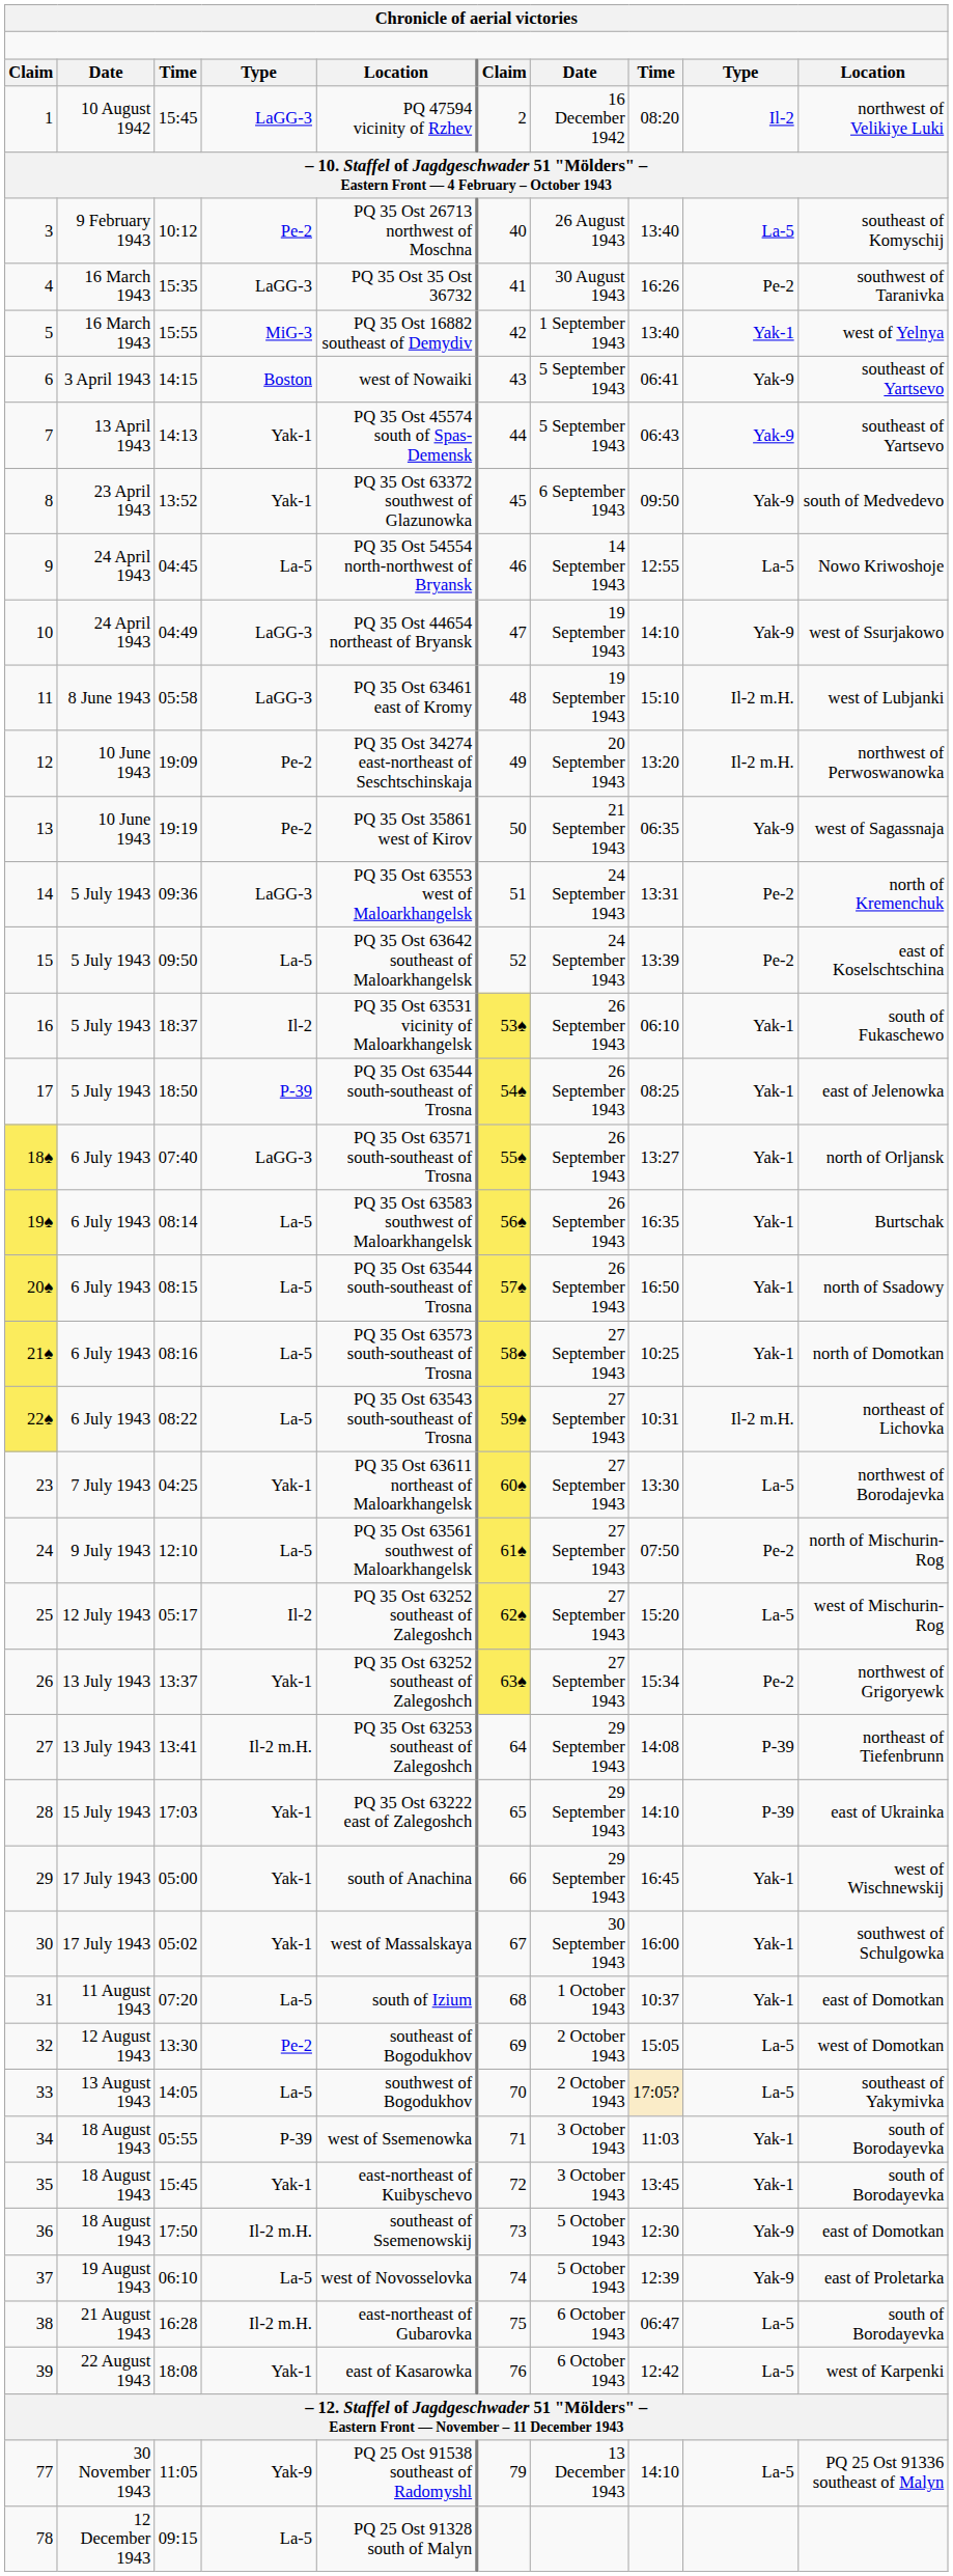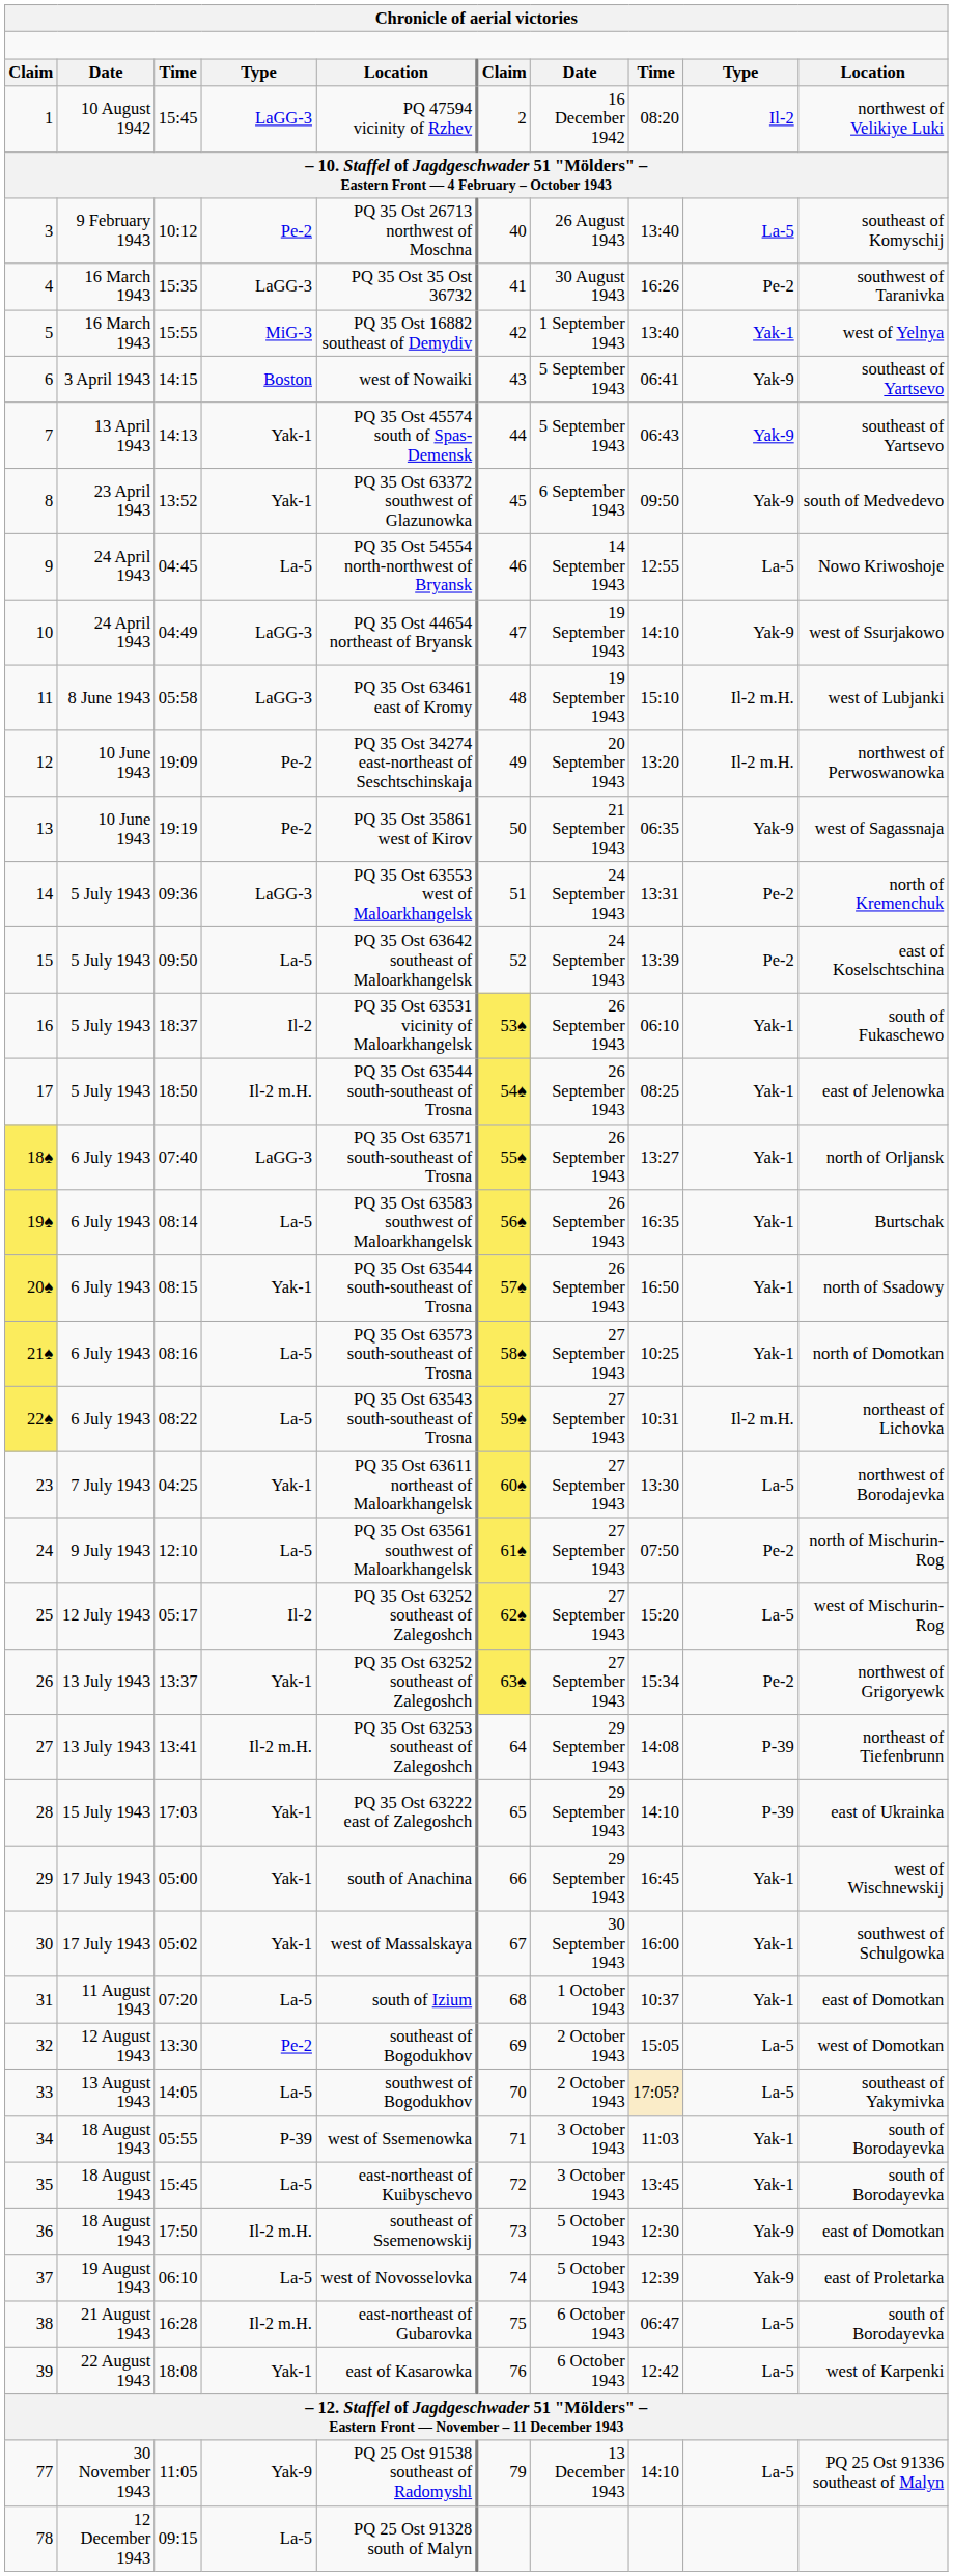 <table class="wikitable plainrowheaders collapsible" style="margin-left: auto; margin-right: auto; border: none; text-align:right; width: 100%;">
 <tr>
 <th colspan="10">Chronicle of aerial victories</th>
 </tr>
 <tr>
 <td colspan="10" style="text-align: left;"><br> </td>
 </tr>
 <tr>
 <th scope="col">Claim</th>
 <th scope="col">Date</th>
 <th scope="col">Time</th>
 <th scope="col" width="100px">Type</th>
 <th scope="col">Location</th>
 <th scope="col" style="border-left: 3px solid grey;">Claim</th>
 <th scope="col">Date</th>
 <th scope="col">Time</th>
 <th scope="col" width="100px">Type</th>
 <th scope="col">Location</th>
 </tr>
 <tr>
 <td>1</td>
 <td>10 August 1942</td>
 <td>15:45</td>
 <td><a href='#'>LaGG-3</a></td>
 <td>PQ 47594<br>vicinity of <a href='#'>Rzhev</a></td>
 <td style="border-left: 3px solid grey;">2</td>
 <td>16 December 1942</td>
 <td>08:20</td>
 <td><a href='#'>Il-2</a></td>
 <td> northwest of <a href='#'>Velikiye Luki</a></td>
 </tr>
 <tr>
 <th colspan="10">– 10. <em>Staffel</em> of <em>Jagdgeschwader</em> 51 "Mölders" –<br><small>Eastern Front — 4 February – October 1943</small></th>
 </tr>
 <tr>
 <td>3</td>
 <td>9 February 1943</td>
 <td>10:12</td>
 <td><a href='#'>Pe-2</a></td>
 <td>PQ 35 Ost 26713<br> northwest of Moschna</td>
 <td style="border-left: 3px solid grey;">40</td>
 <td>26 August 1943</td>
 <td>13:40</td>
 <td><a href='#'>La-5</a></td>
 <td>southeast of Komyschij</td>
 </tr>
 <tr>
 <td>4</td>
 <td>16 March 1943</td>
 <td>15:35</td>
 <td>LaGG-3</td>
 <td>PQ 35 Ost 35 Ost 36732</td>
 <td style="border-left: 3px solid grey;">41</td>
 <td>30 August 1943</td>
 <td>16:26</td>
 <td>Pe-2</td>
 <td>southwest of Taranivka</td>
 </tr>
 <tr>
 <td>5</td>
 <td>16 March 1943</td>
 <td>15:55</td>
 <td><a href='#'>MiG-3</a></td>
 <td>PQ 35 Ost 16882<br> southeast of <a href='#'>Demydiv</a></td>
 <td style="border-left: 3px solid grey;">42</td>
 <td>1 September 1943</td>
 <td>13:40</td>
 <td><a href='#'>Yak-1</a></td>
 <td>west of <a href='#'>Yelnya</a></td>
 </tr>
 <tr>
 <td>6</td>
 <td>3 April 1943</td>
 <td>14:15</td>
 <td><a href='#'>Boston</a></td>
 <td> west of Nowaiki</td>
 <td style="border-left: 3px solid grey;">43</td>
 <td>5 September 1943</td>
 <td>06:41</td>
 <td>Yak-9</td>
 <td>southeast of <a href='#'>Yartsevo</a></td>
 </tr>
 <tr>
 <td>7</td>
 <td>13 April 1943</td>
 <td>14:13</td>
 <td>Yak-1</td>
 <td>PQ 35 Ost 45574<br> south of <a href='#'>Spas-Demensk</a></td>
 <td style="border-left: 3px solid grey;">44</td>
 <td>5 September 1943</td>
 <td>06:43</td>
 <td><a href='#'>Yak-9</a></td>
 <td>southeast of Yartsevo</td>
 </tr>
 <tr>
 <td>8</td>
 <td>23 April 1943</td>
 <td>13:52</td>
 <td>Yak-1</td>
 <td>PQ 35 Ost 63372<br> southwest of Glazunowka</td>
 <td style="border-left: 3px solid grey;">45</td>
 <td>6 September 1943</td>
 <td>09:50</td>
 <td>Yak-9</td>
 <td>south of Medvedevo</td>
 </tr>
 <tr>
 <td>9</td>
 <td>24 April 1943</td>
 <td>04:45</td>
 <td>La-5</td>
 <td>PQ 35 Ost 54554<br> north-northwest of <a href='#'>Bryansk</a></td>
 <td style="border-left: 3px solid grey;">46</td>
 <td>14 September 1943</td>
 <td>12:55</td>
 <td>La-5</td>
 <td>Nowo Kriwoshoje</td>
 </tr>
 <tr>
 <td>10</td>
 <td>24 April 1943</td>
 <td>04:49</td>
 <td>LaGG-3</td>
 <td>PQ 35 Ost 44654<br> northeast of Bryansk</td>
 <td style="border-left: 3px solid grey;">47</td>
 <td>19 September 1943</td>
 <td>14:10</td>
 <td>Yak-9</td>
 <td>west of Ssurjakowo</td>
 </tr>
 <tr>
 <td>11</td>
 <td>8 June 1943</td>
 <td>05:58</td>
 <td>LaGG-3</td>
 <td>PQ 35 Ost 63461<br> east of Kromy</td>
 <td style="border-left: 3px solid grey;">48</td>
 <td>19 September 1943</td>
 <td>15:10</td>
 <td>Il-2 m.H.</td>
 <td>west of Lubjanki</td>
 </tr>
 <tr>
 <td>12</td>
 <td>10 June 1943</td>
 <td>19:09</td>
 <td>Pe-2</td>
 <td>PQ 35 Ost 34274<br> east-northeast of Seschtschinskaja</td>
 <td style="border-left: 3px solid grey;">49</td>
 <td>20 September 1943</td>
 <td>13:20</td>
 <td>Il-2 m.H.</td>
 <td>northwest of Perwoswanowka</td>
 </tr>
 <tr>
 <td>13</td>
 <td>10 June 1943</td>
 <td>19:19</td>
 <td>Pe-2</td>
 <td>PQ 35 Ost 35861<br> west of Kirov</td>
 <td style="border-left: 3px solid grey;">50</td>
 <td>21 September 1943</td>
 <td>06:35</td>
 <td>Yak-9</td>
 <td>west of Sagassnaja</td>
 </tr>
 <tr>
 <td>14</td>
 <td>5 July 1943</td>
 <td>09:36</td>
 <td>LaGG-3</td>
 <td>PQ 35 Ost 63553<br> west of <a href='#'>Maloarkhangelsk</a></td>
 <td style="border-left: 3px solid grey;">51</td>
 <td>24 September 1943</td>
 <td>13:31</td>
 <td>Pe-2</td>
 <td>north of <a href='#'>Kremenchuk</a></td>
 </tr>
 <tr>
 <td>15</td>
 <td>5 July 1943</td>
 <td>09:50</td>
 <td>La-5</td>
 <td>PQ 35 Ost 63642<br> southeast of Maloarkhangelsk</td>
 <td style="border-left: 3px solid grey;">52</td>
 <td>24 September 1943</td>
 <td>13:39</td>
 <td>Pe-2</td>
 <td>east of Koselschtschina</td>
 </tr>
 <tr>
 <td>16</td>
 <td>5 July 1943</td>
 <td>18:37</td>
 <td>Il-2</td>
 <td>PQ 35 Ost 63531<br>vicinity of Maloarkhangelsk</td>
 <td style="border-left: 3px solid grey; background:#fbec5d;">53♠</td>
 <td>26 September 1943</td>
 <td>06:10</td>
 <td>Yak-1</td>
 <td>south of Fukaschewo</td>
 </tr>
 <tr>
 <td>17</td>
 <td>5 July 1943</td>
 <td>18:50</td>
-<td><a href='#'>P-39</a></td>
+<td>Il-2 m.H.</td>
 <td>PQ 35 Ost 63544<br> south-southeast of Trosna</td>
 <td style="border-left: 3px solid grey; background:#fbec5d;">54♠</td>
 <td>26 September 1943</td>
 <td>08:25</td>
 <td>Yak-1</td>
 <td>east of Jelenowka</td>
 </tr>
 <tr>
 <td style="background:#fbec5d;">18♠</td>
 <td>6 July 1943</td>
 <td>07:40</td>
 <td>LaGG-3</td>
 <td>PQ 35 Ost 63571<br> south-southeast of Trosna</td>
 <td style="border-left: 3px solid grey; background:#fbec5d;">55♠</td>
 <td>26 September 1943</td>
 <td>13:27</td>
 <td>Yak-1</td>
 <td>north of Orljansk</td>
 </tr>
 <tr>
 <td style="background:#fbec5d;">19♠</td>
 <td>6 July 1943</td>
 <td>08:14</td>
 <td>La-5</td>
 <td>PQ 35 Ost 63583<br> southwest of Maloarkhangelsk</td>
 <td style="border-left: 3px solid grey; background:#fbec5d;">56♠</td>
 <td>26 September 1943</td>
 <td>16:35</td>
 <td>Yak-1</td>
 <td>Burtschak</td>
 </tr>
 <tr>
 <td style="background:#fbec5d;">20♠</td>
 <td>6 July 1943</td>
 <td>08:15</td>
-<td>La-5</td>
+<td>Yak-1</td>
 <td>PQ 35 Ost 63544<br> south-southeast of Trosna</td>
 <td style="border-left: 3px solid grey; background:#fbec5d;">57♠</td>
 <td>26 September 1943</td>
 <td>16:50</td>
 <td>Yak-1</td>
 <td>north of Ssadowy</td>
 </tr>
 <tr>
 <td style="background:#fbec5d;">21♠</td>
 <td>6 July 1943</td>
 <td>08:16</td>
 <td>La-5</td>
 <td>PQ 35 Ost 63573<br> south-southeast of Trosna</td>
 <td style="border-left: 3px solid grey; background:#fbec5d;">58♠</td>
 <td>27 September 1943</td>
 <td>10:25</td>
 <td>Yak-1</td>
 <td>north of Domotkan</td>
 </tr>
 <tr>
 <td style="background:#fbec5d;">22♠</td>
 <td>6 July 1943</td>
 <td>08:22</td>
 <td>La-5</td>
 <td>PQ 35 Ost 63543<br> south-southeast of Trosna</td>
 <td style="border-left: 3px solid grey; background:#fbec5d;">59♠</td>
 <td>27 September 1943</td>
 <td>10:31</td>
 <td>Il-2 m.H.</td>
 <td>northeast of Lichovka</td>
 </tr>
 <tr>
 <td>23</td>
 <td>7 July 1943</td>
 <td>04:25</td>
 <td>Yak-1</td>
 <td>PQ 35 Ost 63611<br> northeast of Maloarkhangelsk</td>
 <td style="border-left: 3px solid grey; background:#fbec5d;">60♠</td>
 <td>27 September 1943</td>
 <td>13:30</td>
 <td>La-5</td>
 <td>northwest of Borodajevka</td>
 </tr>
 <tr>
 <td>24</td>
 <td>9 July 1943</td>
 <td>12:10</td>
 <td>La-5</td>
 <td>PQ 35 Ost 63561<br> southwest of Maloarkhangelsk</td>
 <td style="border-left: 3px solid grey; background:#fbec5d;">61♠</td>
 <td>27 September 1943</td>
 <td>07:50</td>
 <td>Pe-2</td>
 <td>north of Mischurin-Rog</td>
 </tr>
 <tr>
 <td>25</td>
 <td>12 July 1943</td>
 <td>05:17</td>
 <td>Il-2</td>
 <td>PQ 35 Ost 63252<br> southeast of Zalegoshch</td>
 <td style="border-left: 3px solid grey; background:#fbec5d;">62♠</td>
 <td>27 September 1943</td>
 <td>15:20</td>
 <td>La-5</td>
 <td>west of Mischurin-Rog</td>
 </tr>
 <tr>
 <td>26</td>
 <td>13 July 1943</td>
 <td>13:37</td>
 <td>Yak-1</td>
 <td>PQ 35 Ost 63252<br> southeast of Zalegoshch</td>
 <td style="border-left: 3px solid grey; background:#fbec5d;">63♠</td>
 <td>27 September 1943</td>
 <td>15:34</td>
 <td>Pe-2</td>
 <td>northwest of Grigoryewk</td>
 </tr>
 <tr>
 <td>27</td>
 <td>13 July 1943</td>
 <td>13:41</td>
 <td>Il-2 m.H.</td>
 <td>PQ 35 Ost 63253<br> southeast of Zalegoshch</td>
 <td style="border-left: 3px solid grey;">64</td>
 <td>29 September 1943</td>
 <td>14:08</td>
 <td>P-39</td>
 <td>northeast of Tiefenbrunn</td>
 </tr>
 <tr>
 <td>28</td>
 <td>15 July 1943</td>
 <td>17:03</td>
 <td>Yak-1</td>
 <td>PQ 35 Ost 63222<br> east of Zalegoshch</td>
 <td style="border-left: 3px solid grey;">65</td>
 <td>29 September 1943</td>
 <td>14:10</td>
 <td>P-39</td>
 <td>east of Ukrainka</td>
 </tr>
 <tr>
 <td>29</td>
 <td>17 July 1943</td>
 <td>05:00</td>
 <td>Yak-1</td>
 <td>south of Anachina</td>
 <td style="border-left: 3px solid grey;">66</td>
 <td>29 September 1943</td>
 <td>16:45</td>
 <td>Yak-1</td>
 <td>west of Wischnewskij</td>
 </tr>
 <tr>
 <td>30</td>
 <td>17 July 1943</td>
 <td>05:02</td>
 <td>Yak-1</td>
 <td>west of Massalskaya</td>
 <td style="border-left: 3px solid grey;">67</td>
 <td>30 September 1943</td>
 <td>16:00</td>
 <td>Yak-1</td>
 <td>southwest of Schulgowka</td>
 </tr>
 <tr>
 <td>31</td>
 <td>11 August 1943</td>
 <td>07:20</td>
 <td>La-5</td>
 <td>south of <a href='#'>Izium</a></td>
 <td style="border-left: 3px solid grey;">68</td>
 <td>1 October 1943</td>
 <td>10:37</td>
 <td>Yak-1</td>
 <td>east of Domotkan</td>
 </tr>
 <tr>
 <td>32</td>
 <td>12 August 1943</td>
 <td>13:30</td>
 <td><a href='#'>Pe-2</a></td>
 <td>southeast of Bogodukhov<br></td>
 <td style="border-left: 3px solid grey;">69</td>
 <td>2 October 1943</td>
 <td>15:05</td>
 <td>La-5</td>
 <td>west of Domotkan</td>
 </tr>
 <tr>
 <td>33</td>
 <td>13 August 1943</td>
 <td>14:05</td>
 <td>La-5</td>
 <td>southwest of Bogodukhov</td>
 <td style="border-left: 3px solid grey;">70</td>
 <td>2 October 1943</td>
 <td style="background:#faecc8">17:05?</td>
 <td>La-5</td>
 <td>southeast of Yakymivka</td>
 </tr>
 <tr>
 <td>34</td>
 <td>18 August 1943</td>
 <td>05:55</td>
 <td>P-39</td>
 <td>west of Ssemenowka</td>
 <td style="border-left: 3px solid grey;">71</td>
 <td>3 October 1943</td>
 <td>11:03</td>
 <td>Yak-1</td>
 <td>south of Borodayevka</td>
 </tr>
 <tr>
 <td>35</td>
 <td>18 August 1943</td>
 <td>15:45</td>
-<td>Yak-1</td>
+<td>La-5</td>
 <td>east-northeast of Kuibyschevo</td>
 <td style="border-left: 3px solid grey;">72</td>
 <td>3 October 1943</td>
 <td>13:45</td>
 <td>Yak-1</td>
 <td>south of Borodayevka</td>
 </tr>
 <tr>
 <td>36</td>
 <td>18 August 1943</td>
 <td>17:50</td>
 <td>Il-2 m.H.</td>
 <td>southeast of Ssemenowskij</td>
 <td style="border-left: 3px solid grey;">73</td>
 <td>5 October 1943</td>
 <td>12:30</td>
 <td>Yak-9</td>
 <td>east of Domotkan</td>
 </tr>
 <tr>
 <td>37</td>
 <td>19 August 1943</td>
 <td>06:10</td>
 <td>La-5</td>
 <td>west of Novosselovka</td>
 <td style="border-left: 3px solid grey;">74</td>
 <td>5 October 1943</td>
 <td>12:39</td>
 <td>Yak-9</td>
 <td>east of Proletarka</td>
 </tr>
 <tr>
 <td>38</td>
 <td>21 August 1943</td>
 <td>16:28</td>
 <td>Il-2 m.H.</td>
 <td>east-northeast of Gubarovka</td>
 <td style="border-left: 3px solid grey;">75</td>
 <td>6 October 1943</td>
 <td>06:47</td>
 <td>La-5</td>
 <td>south of Borodayevka</td>
 </tr>
 <tr>
 <td>39</td>
 <td>22 August 1943</td>
 <td>18:08</td>
 <td>Yak-1</td>
 <td>east of Kasarowka</td>
 <td style="border-left: 3px solid grey;">76</td>
 <td>6 October 1943</td>
 <td>12:42</td>
 <td>La-5</td>
 <td>west of Karpenki</td>
 </tr>
 <tr>
 <th colspan="10">– 12. <em>Staffel</em> of <em>Jagdgeschwader</em> 51 "Mölders" –<br><small>Eastern Front — November – 11 December 1943</small></th>
 </tr>
 <tr>
 <td>77</td>
 <td>30 November 1943</td>
 <td>11:05</td>
 <td>Yak-9</td>
 <td>PQ 25 Ost 91538<br> southeast of <a href='#'>Radomyshl</a></td>
 <td style="border-left: 3px solid grey;">79</td>
 <td>13 December 1943</td>
 <td>14:10</td>
 <td>La-5</td>
 <td>PQ 25 Ost 91336<br> southeast of <a href='#'>Malyn</a></td>
 </tr>
 <tr>
 <td>78</td>
 <td>12 December 1943</td>
 <td>09:15</td>
 <td>La-5</td>
 <td>PQ 25 Ost 91328<br> south of Malyn</td>
 <td style="border-left: 3px solid grey;"></td>
 <td></td>
 <td></td>
 <td></td>
 <td></td>
 </tr>
 </table>
